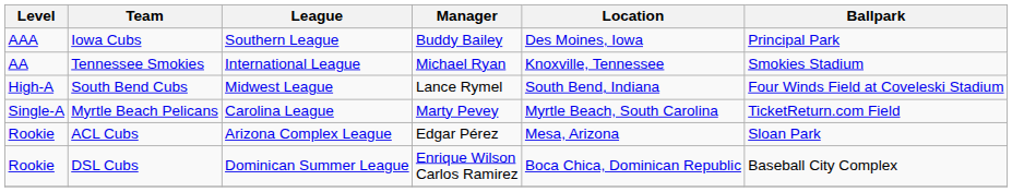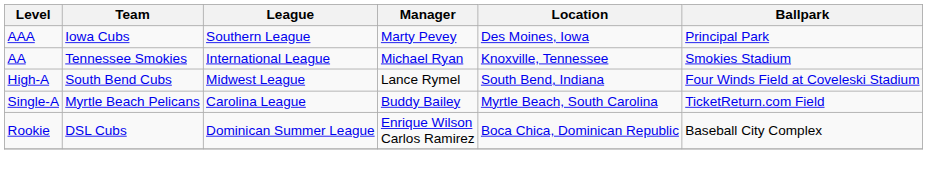 <table class="wikitable">
 <tr>
 <th style="text-align:center; ">Level</th>
 <th style="text-align:center; ">Team</th>
 <th style="text-align:center; ">League</th>
 <th style="text-align:center; ">Manager</th>
 <th style="text-align:center; ">Location</th>
 <th style="text-align:center; ">Ballpark</th>
 </tr>
 <tr>
 <td><a href='#'>AAA</a></td>
 <td><a href='#'>Iowa Cubs</a></td>
 <td><a href='#'>Southern League</a></td>
-<td><a href='#'>Buddy Bailey</a></td>
+<td><a href='#'>Marty Pevey</a></td>
 <td><a href='#'>Des Moines, Iowa</a></td>
 <td><a href='#'>Principal Park</a></td>
 </tr>
 <tr>
 <td><a href='#'>AA</a></td>
 <td><a href='#'>Tennessee Smokies</a></td>
 <td><a href='#'>International League</a></td>
 <td><a href='#'>Michael Ryan</a></td>
 <td><a href='#'>Knoxville, Tennessee</a></td>
 <td><a href='#'>Smokies Stadium</a></td>
 </tr>
 <tr>
 <td><a href='#'>High-A</a></td>
 <td><a href='#'>South Bend Cubs</a></td>
 <td><a href='#'>Midwest League</a></td>
 <td>Lance Rymel</td>
 <td><a href='#'>South Bend, Indiana</a></td>
 <td><a href='#'>Four Winds Field at Coveleski Stadium</a></td>
 </tr>
 <tr>
 <td><a href='#'>Single-A</a></td>
 <td><a href='#'>Myrtle Beach Pelicans</a></td>
 <td><a href='#'>Carolina League</a></td>
-<td><a href='#'>Marty Pevey</a></td>
+<td><a href='#'>Buddy Bailey</a></td>
 <td><a href='#'>Myrtle Beach, South Carolina</a></td>
 <td><a href='#'>TicketReturn.com Field</a></td>
-</tr>
-<tr>
-<td><a href='#'>Rookie</a></td>
-<td><a href='#'>ACL Cubs</a></td>
-<td><a href='#'>Arizona Complex League</a></td>
-<td>Edgar Pérez</td>
-<td><a href='#'>Mesa, Arizona</a></td>
-<td><a href='#'>Sloan Park</a></td>
 </tr>
 <tr>
 <td><a href='#'>Rookie</a></td>
 <td><a href='#'>DSL Cubs</a></td>
 <td><a href='#'>Dominican Summer League</a></td>
 <td><a href='#'>Enrique Wilson</a> <br>Carlos Ramirez</td>
 <td><a href='#'>Boca Chica, Dominican Republic</a></td>
 <td>Baseball City Complex</td>
 </tr>
 <tr>
 </tr>
 </table>
